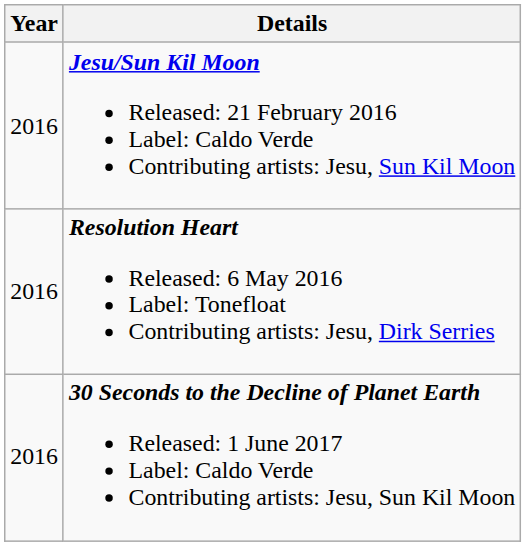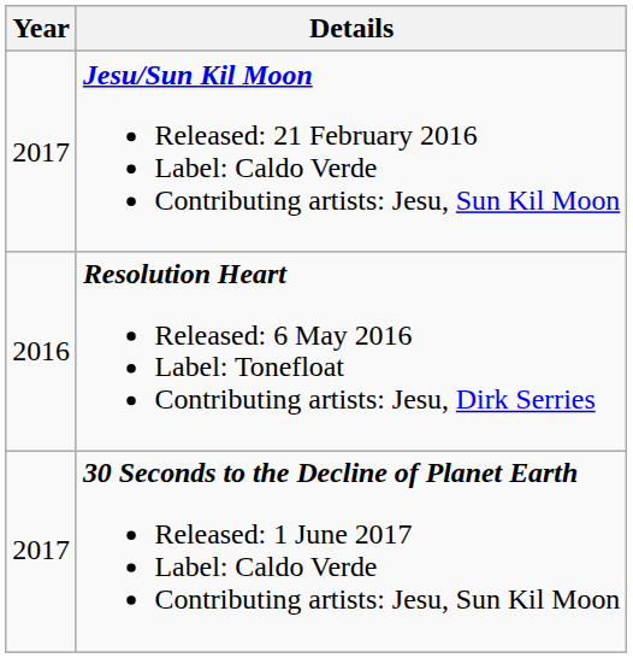 <table class="wikitable">
 <tr>
 <th>Year</th>
 <th>Details</th>
 </tr>
 <tr>
-<td>2016</td>
+<td>2017</td>
 <td><strong><em><a href='#'>Jesu/Sun Kil Moon</a></em></strong><br><ul><li>Released: 21 February 2016</li><li>Label: Caldo Verde</li><li>Contributing artists: Jesu, <a href='#'>Sun Kil Moon</a></li></ul></td>
 </tr>
 <tr>
 <td>2016</td>
 <td><strong><em>Resolution Heart</em></strong><br><ul><li>Released: 6 May 2016</li><li>Label: Tonefloat</li><li>Contributing artists: Jesu, <a href='#'>Dirk Serries</a></li></ul></td>
 </tr>
 <tr>
-<td>2016</td>
+<td>2017</td>
 <td><strong><em>30 Seconds to the Decline of Planet Earth</em></strong><br><ul><li>Released: 1 June 2017</li><li>Label: Caldo Verde</li><li>Contributing artists: Jesu, Sun Kil Moon</li></ul></td>
 </tr>
 </table>
